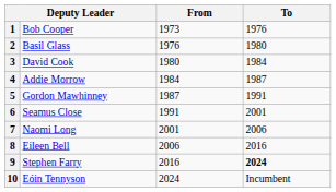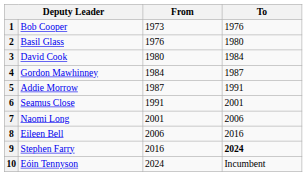 <table class="wikitable">
 <tr>
 <th colspan=2>Deputy Leader</th>
 <th>From</th>
 <th>To</th>
 </tr>
 <tr>
 <th style="background:">1</th>
 <td style="width:200px;"><a href='#'>Bob Cooper</a></td>
 <td style="width:125px;">1973</td>
 <td style="width:125px;">1976</td>
 </tr>
 <tr>
 <th style="background:">2</th>
 <td><a href='#'>Basil Glass</a></td>
 <td>1976</td>
 <td>1980</td>
 </tr>
 <tr>
 <th style="background:">3</th>
 <td><a href='#'>David Cook</a></td>
 <td>1980</td>
 <td>1984</td>
 </tr>
 <tr>
 <th style="background:">4</th>
-<td><a href='#'>Addie Morrow</a></td>
+<td><a href='#'>Gordon Mawhinney</a></td>
 <td>1984</td>
 <td>1987</td>
 </tr>
 <tr>
 <th style="background:">5</th>
-<td><a href='#'>Gordon Mawhinney</a></td>
+<td><a href='#'>Addie Morrow</a></td>
 <td>1987</td>
 <td>1991</td>
 </tr>
 <tr>
 <th style="background:">6</th>
 <td><a href='#'>Seamus Close</a></td>
 <td>1991</td>
 <td>2001</td>
 </tr>
 <tr>
 <th style="background:">7</th>
 <td><a href='#'>Naomi Long</a></td>
 <td>2001</td>
 <td>2006</td>
 </tr>
 <tr>
 <th style="background:">8</th>
 <td><a href='#'>Eileen Bell</a></td>
 <td>2006</td>
 <td>2016</td>
 </tr>
 <tr>
 <th style="background:">9</th>
 <td><a href='#'>Stephen Farry</a></td>
 <td>2016</td>
 <td><strong>2024</strong></td>
 </tr>
 <tr>
 <th style="background:">10</th>
 <td><a href='#'>Eóin Tennyson</a></td>
 <td>2024</td>
 <td>Incumbent</td>
 </tr>
 </table>
